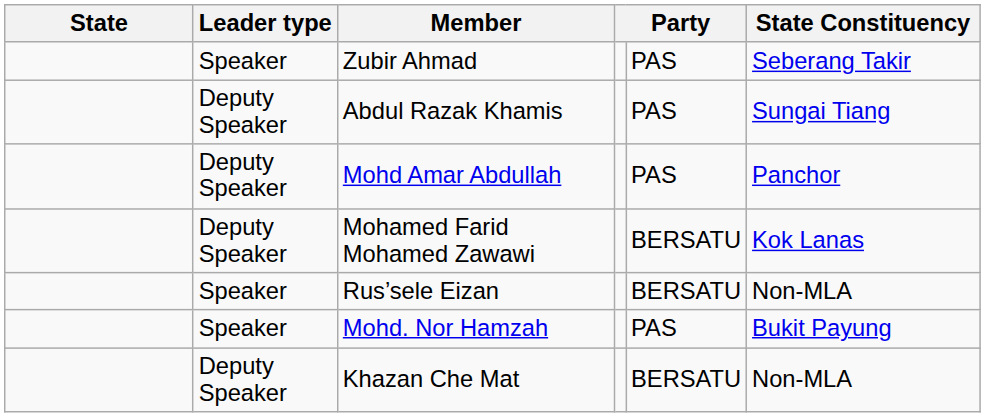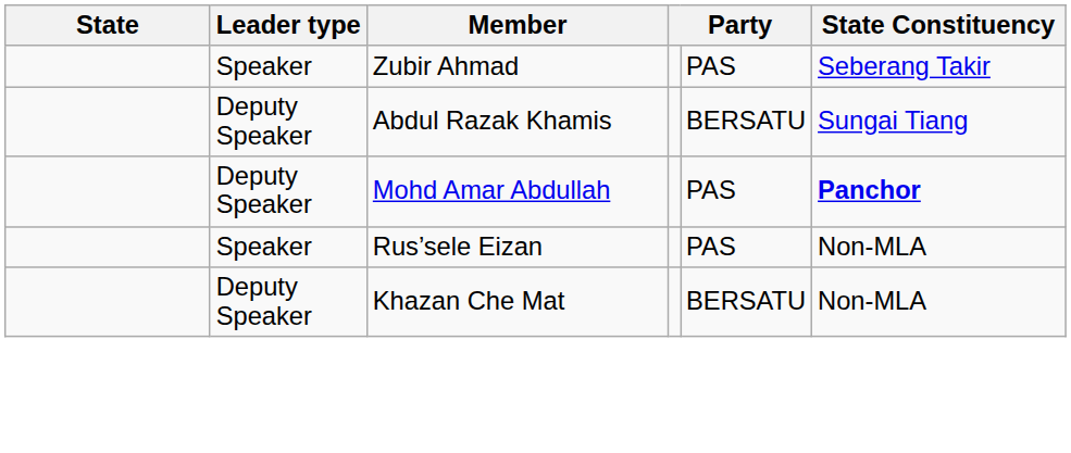 <table class ="wikitable sortable">
 <tr>
 <th style="width:120px;">State</th>
 <th style="width:90px;">Leader type</th>
 <th style="width:180px;">Member</th>
 <th style="width:80px;" colspan=2>Party</th>
 <th style="width:150px;">State Constituency</th>
 </tr>
 <tr>
 <td></td>
 <td>Speaker</td>
 <td>Zubir Ahmad</td>
 <td style="background:"></td>
 <td>PAS</td>
 <td><a href='#'>Seberang Takir</a></td>
 </tr>
 <tr>
 <td></td>
 <td>Deputy Speaker</td>
 <td>Abdul Razak Khamis</td>
 <td style="background:"></td>
-<td>PAS</td>
+<td>BERSATU</td>
 <td><a href='#'>Sungai Tiang</a></td>
 </tr>
 <tr>
 <td></td>
 <td>Deputy Speaker</td>
 <td><a href='#'>Mohd Amar Abdullah</a></td>
 <td style="background:"></td>
 <td>PAS</td>
-<td><a href='#'>Panchor</a></td>
-</tr>
-<tr>
-<td></td>
-<td>Deputy Speaker</td>
-<td>Mohamed Farid Mohamed Zawawi</td>
-<td style="background:"></td>
-<td>BERSATU</td>
-<td><a href='#'>Kok Lanas</a></td>
+<td><strong><a href='#'>Panchor</a></strong></td>
 </tr>
 <tr>
 <td></td>
 <td>Speaker</td>
 <td>Rus’sele Eizan</td>
 <td style="background:"></td>
-<td>BERSATU</td>
+<td>PAS</td>
 <td>Non-MLA</td>
-</tr>
-<tr>
-<td></td>
-<td>Speaker</td>
-<td><a href='#'>Mohd. Nor Hamzah</a></td>
-<td style="background:"></td>
-<td>PAS</td>
-<td><a href='#'>Bukit Payung</a></td>
 </tr>
 <tr>
 <td></td>
 <td>Deputy Speaker</td>
 <td>Khazan Che Mat</td>
 <td style="background:"></td>
 <td>BERSATU</td>
 <td>Non-MLA</td>
 </tr>
 </table>
